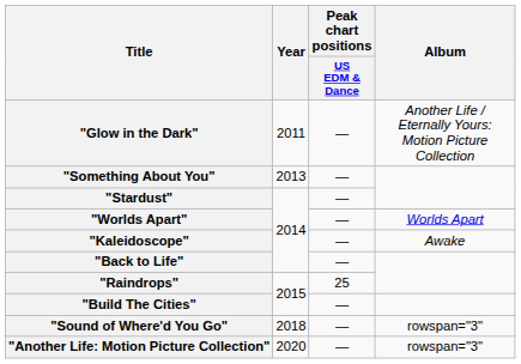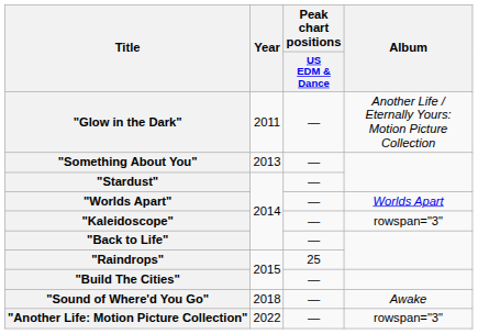 <table class="wikitable plainrowheaders" style="text-align:center">
 <tr>
 <th scope="col" rowspan="2">Title</th>
 <th scope="col" rowspan="2">Year</th>
 <th scope="col">Peak chart positions</th>
 <th scope="col" rowspan="2" style="width:10em;">Album</th>
 </tr>
 <tr>
 <th style="width:3em;font-size:85%"><a href='#'>US<br>EDM & Dance</a><br></th>
 </tr>
 <tr>
 <th scope="row">"Glow in the Dark"<br></th>
 <td>2011</td>
 <td align="center">—</td>
 <td><em>Another Life / Eternally Yours: Motion Picture Collection</em></td>
 </tr>
 <tr>
 <th scope="row">"Something About You"<br></th>
 <td>2013</td>
 <td align="center">—</td>
 </tr>
 <tr>
 <th scope="row">"Stardust"<br></th>
 <td rowspan="4">2014</td>
 <td align="center">—</td>
 </tr>
 <tr>
 <th scope="row">"Worlds Apart"<br></th>
 <td align="center">—</td>
 <td><em><a href='#'>Worlds Apart</a></em></td>
 </tr>
 <tr>
 <th scope="row">"Kaleidoscope"<br></th>
 <td align="center">—</td>
-<td rowspan=1><em>Awake</em></td>
+<td>rowspan="3" </td>
 </tr>
 <tr>
 <th scope="row">"Back to Life"<br></th>
 <td align="center">—</td>
 </tr>
 <tr>
 <th scope="row">"Raindrops"<br></th>
 <td rowspan="2">2015</td>
 <td align="center">25</td>
 </tr>
 <tr>
 <th scope="row">"Build The Cities"<br></th>
 <td align="center">—</td>
 <td><em></em></td>
 </tr>
 <tr>
 <th scope="row">"Sound of Where'd You Go"<br></th>
 <td>2018</td>
 <td align="center">—</td>
-<td>rowspan="3" </td>
+<td rowspan=1><em>Awake</em></td>
 </tr>
 <tr>
 <th scope="row">"Another Life: Motion Picture Collection"<br></th>
-<td>2020</td>
+<td>2022</td>
 <td align="center">—</td>
 <td>rowspan="3" </td>
 </tr>
 </table>
